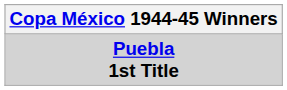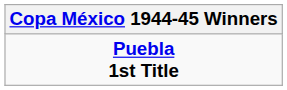 <table class="wikitable" style="text-align: center; margin: 0 auto;">
 <tr>
 <th><a href='#'>Copa México</a> 1944-45 Winners</th>
 </tr>
 <tr>
-<td style="background: lightgrey;"><strong><a href='#'>Puebla</a></strong><br><strong>1st Title</strong></td>
+<td><strong><a href='#'>Puebla</a></strong><br><strong>1st Title</strong></td>
 </tr>
 </table>
